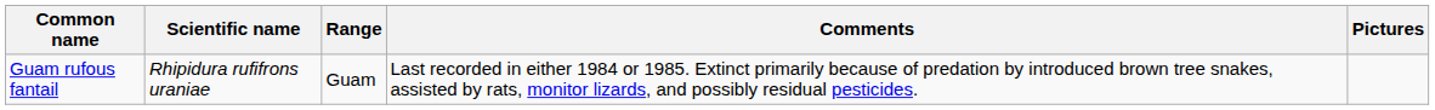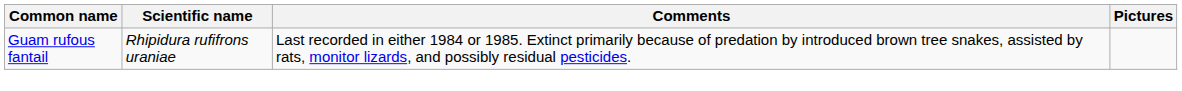 <table class="wikitable">
 <tr>
 <th>Common name</th>
 <th>Scientific name</th>
-<th>Range</th>
 <th class="unsortable">Comments</th>
 <th class="unsortable">Pictures</th>
 </tr>
 <tr>
 <td><a href='#'>Guam rufous fantail</a></td>
 <td><em>Rhipidura rufifrons uraniae</em></td>
-<td>Guam</td>
 <td>Last recorded in either 1984 or 1985. Extinct primarily because of predation by introduced brown tree snakes, assisted by rats, <a href='#'>monitor lizards</a>, and possibly residual <a href='#'>pesticides</a>.</td>
 <td></td>
 </tr>
 </table>
